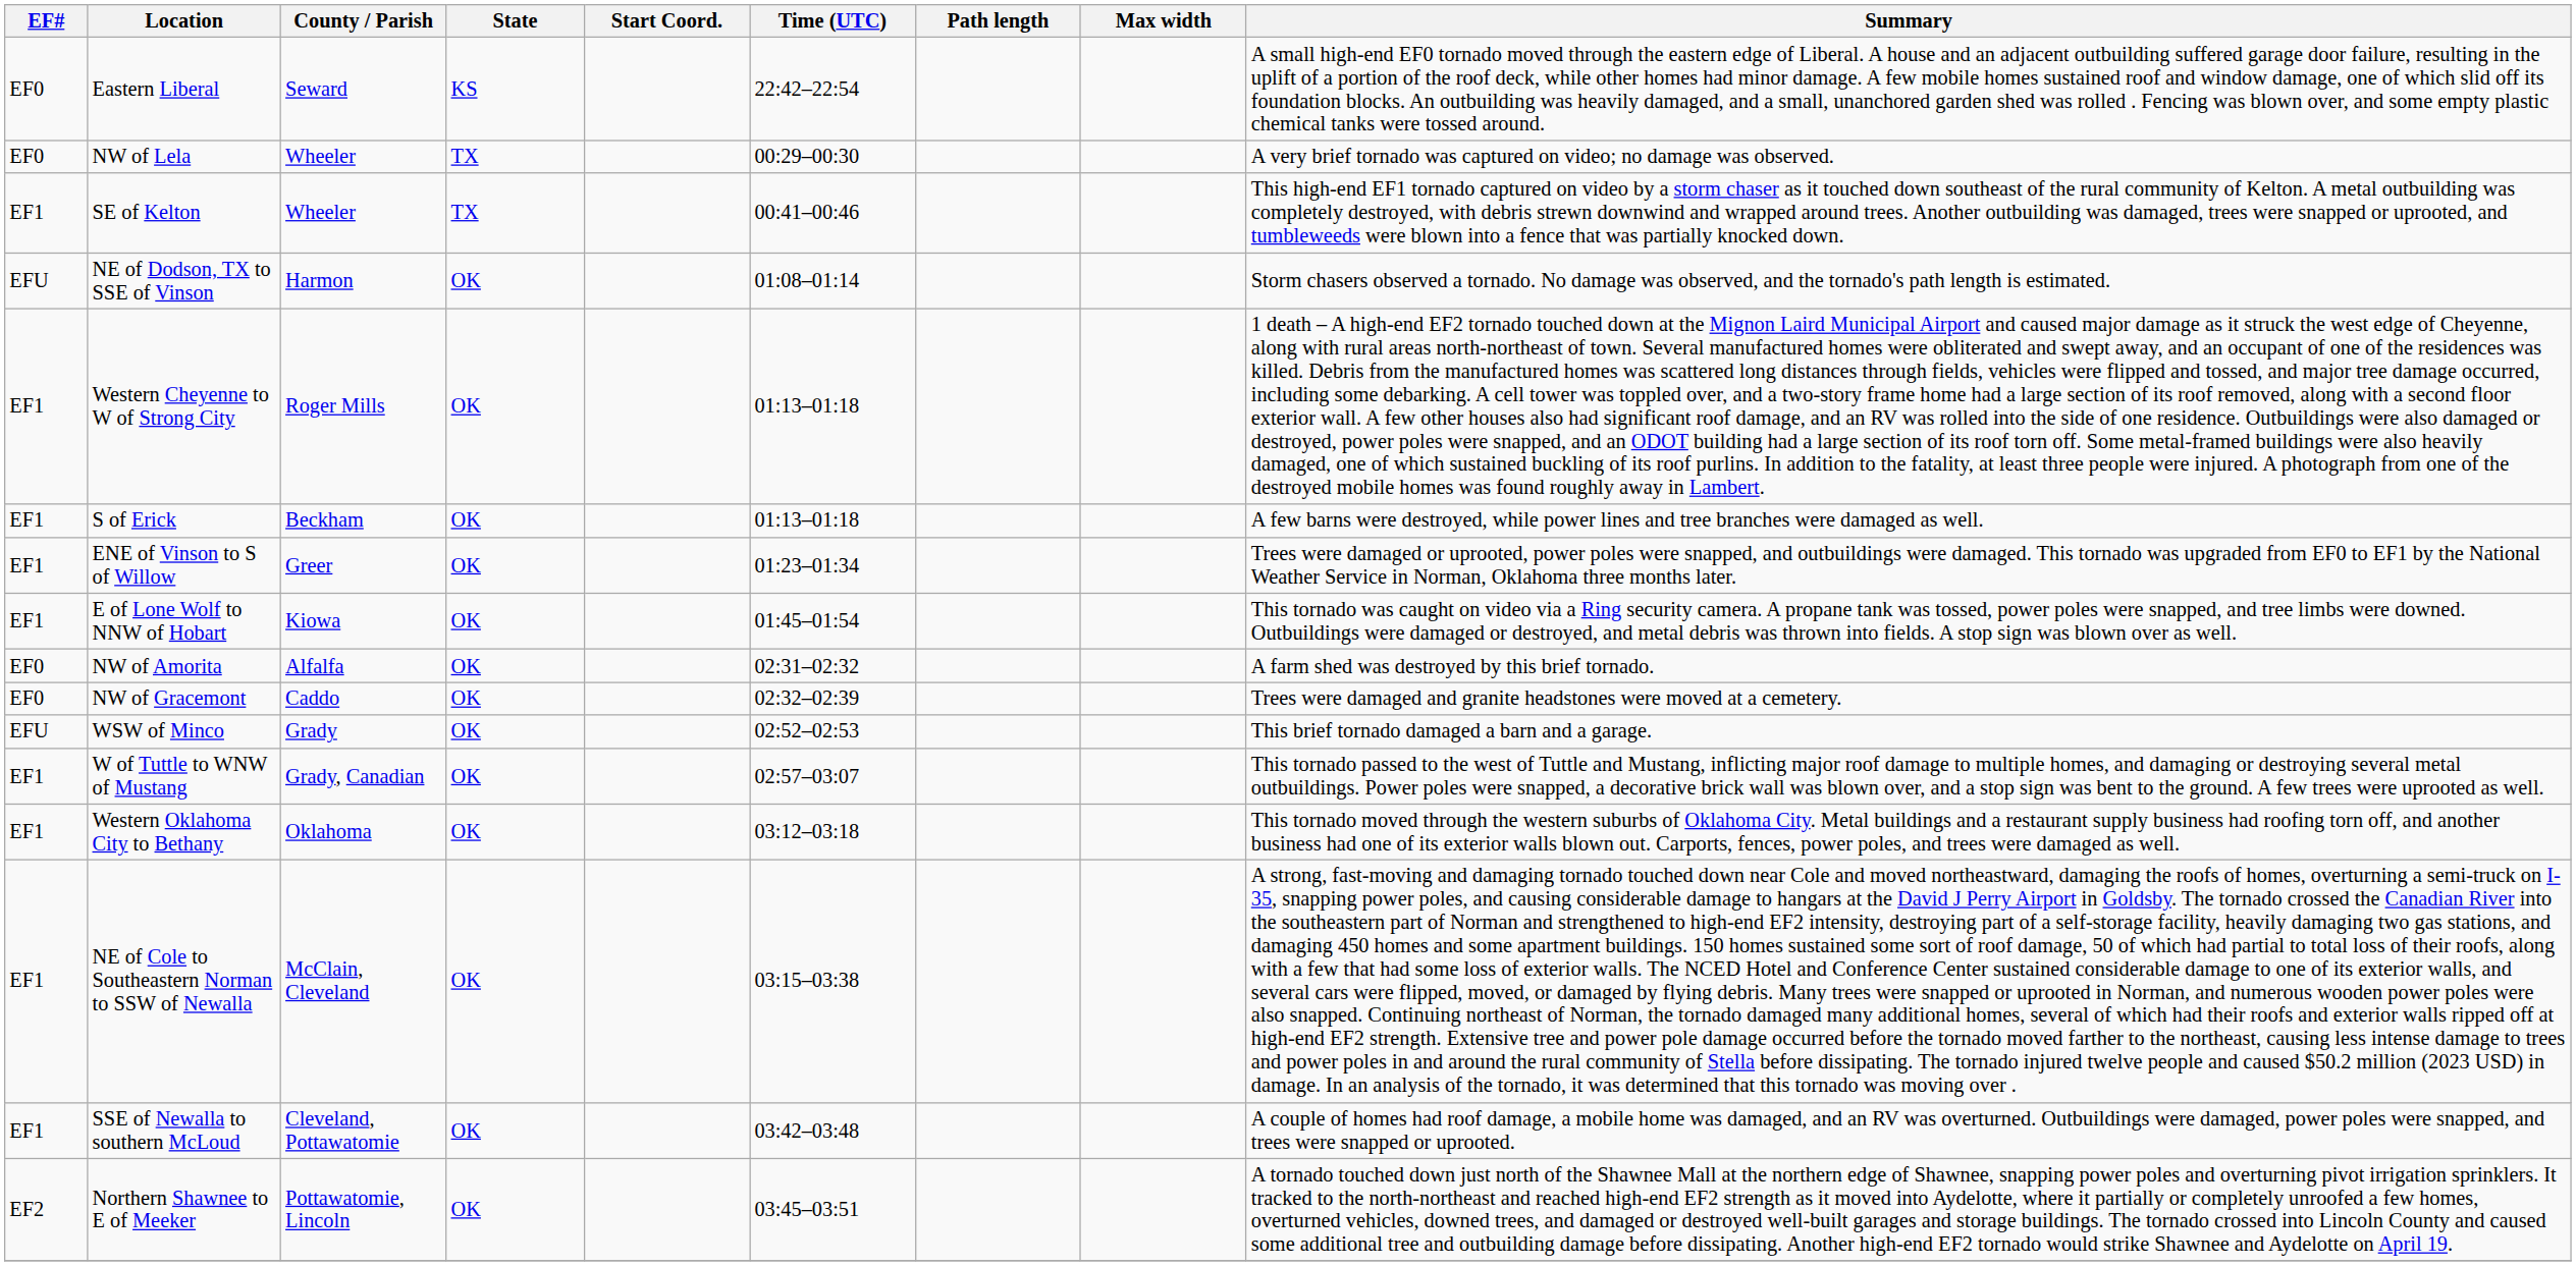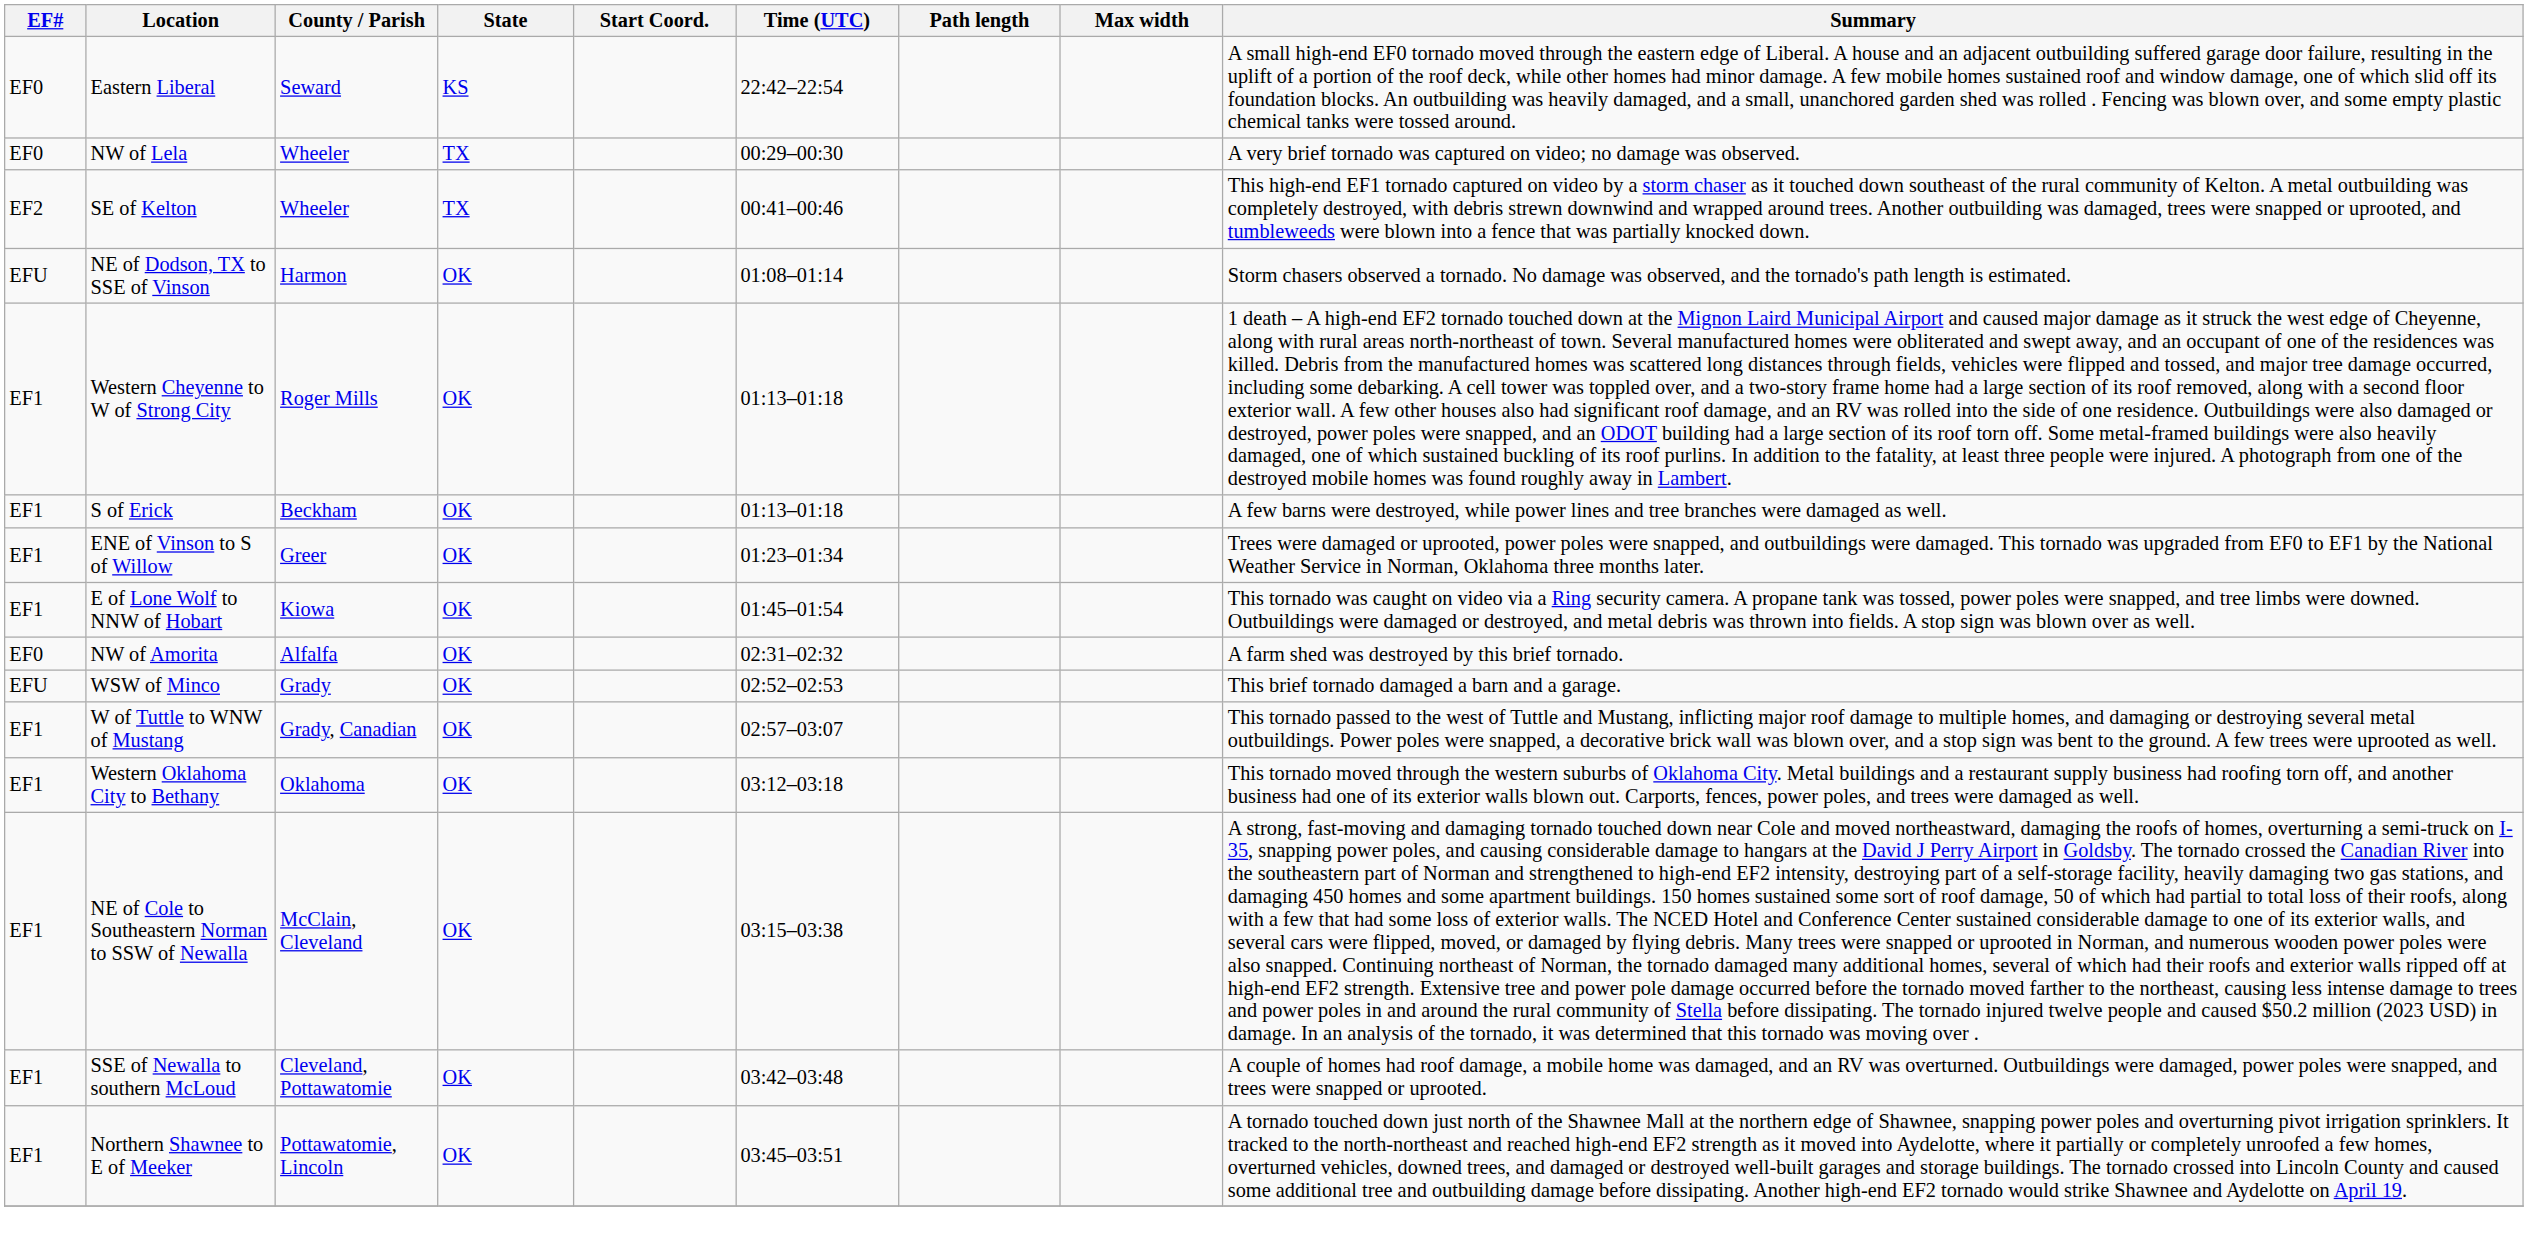 <table class="wikitable sortable" style="width:100%;">
 <tr>
 <th scope="col"  style="width:3%; text-align:center;"><a href='#'>EF#</a></th>
 <th scope="col"  style="width:7%; text-align:center;" class="unsortable">Location</th>
 <th scope="col"  style="width:6%; text-align:center;" class="unsortable">County / Parish</th>
 <th scope="col"  style="width:5%; text-align:center;">State</th>
 <th scope="col"  style="width:6%; text-align:center;">Start Coord.</th>
 <th scope="col"  style="width:6%; text-align:center;">Time (<a href='#'>UTC</a>)</th>
 <th scope="col"  style="width:6%; text-align:center;">Path length</th>
 <th scope="col"  style="width:6%; text-align:center;">Max width</th>
 <th scope="col" class="unsortable" style="width:48%; text-align:center;">Summary</th>
 </tr>
 <tr>
 <td>EF0</td>
 <td>Eastern <a href='#'>Liberal</a></td>
 <td><a href='#'>Seward</a></td>
 <td><a href='#'>KS</a></td>
 <td></td>
 <td>22:42–22:54</td>
 <td></td>
 <td></td>
 <td>A small high-end EF0 tornado moved through the eastern edge of Liberal. A house and an adjacent outbuilding suffered garage door failure, resulting in the uplift of a portion of the roof deck, while other homes had minor damage. A few mobile homes sustained roof and window damage, one of which slid off its foundation blocks. An outbuilding was heavily damaged, and a small, unanchored garden shed was rolled . Fencing was blown over, and some empty plastic chemical tanks were tossed around.</td>
 </tr>
 <tr>
 <td>EF0</td>
 <td>NW of <a href='#'>Lela</a></td>
 <td><a href='#'>Wheeler</a></td>
 <td><a href='#'>TX</a></td>
 <td></td>
 <td>00:29–00:30</td>
 <td></td>
 <td></td>
 <td>A very brief tornado was captured on video; no damage was observed.</td>
 </tr>
 <tr>
-<td>EF1</td>
+<td>EF2</td>
 <td>SE of <a href='#'>Kelton</a></td>
 <td><a href='#'>Wheeler</a></td>
 <td><a href='#'>TX</a></td>
 <td></td>
 <td>00:41–00:46</td>
 <td></td>
 <td></td>
 <td>This high-end EF1 tornado captured on video by a <a href='#'>storm chaser</a> as it touched down southeast of the rural community of Kelton. A metal outbuilding was completely destroyed, with debris strewn downwind and wrapped around trees. Another outbuilding was damaged, trees were snapped or uprooted, and <a href='#'>tumbleweeds</a> were blown into a fence that was partially knocked down.</td>
 </tr>
 <tr>
 <td>EFU</td>
 <td>NE of <a href='#'>Dodson, TX</a> to SSE of <a href='#'>Vinson</a></td>
 <td><a href='#'>Harmon</a></td>
 <td><a href='#'>OK</a></td>
 <td></td>
 <td>01:08–01:14</td>
 <td></td>
 <td></td>
 <td>Storm chasers observed a tornado. No damage was observed, and the tornado's path length is estimated.</td>
 </tr>
 <tr>
 <td>EF1</td>
 <td>Western <a href='#'>Cheyenne</a> to W of <a href='#'>Strong City</a></td>
 <td><a href='#'>Roger Mills</a></td>
 <td><a href='#'>OK</a></td>
 <td></td>
 <td>01:13–01:18</td>
 <td></td>
 <td></td>
 <td>1 death – A high-end EF2 tornado touched down at the <a href='#'>Mignon Laird Municipal Airport</a> and caused major damage as it struck the west edge of Cheyenne, along with rural areas north-northeast of town. Several manufactured homes were obliterated and swept away, and an occupant of one of the residences was killed. Debris from the manufactured homes was scattered long distances through fields, vehicles were flipped and tossed, and major tree damage occurred, including some debarking. A cell tower was toppled over, and a two-story frame home had a large section of its roof removed, along with a second floor exterior wall. A few other houses also had significant roof damage, and an RV was rolled into the side of one residence. Outbuildings were also damaged or destroyed, power poles were snapped, and an <a href='#'>ODOT</a> building had a large section of its roof torn off. Some metal-framed buildings were also heavily damaged, one of which sustained buckling of its roof purlins. In addition to the fatality, at least three people were injured. A photograph from one of the destroyed mobile homes was found roughly  away in <a href='#'>Lambert</a>.</td>
 </tr>
 <tr>
 <td>EF1</td>
 <td>S of <a href='#'>Erick</a></td>
 <td><a href='#'>Beckham</a></td>
 <td><a href='#'>OK</a></td>
 <td></td>
 <td>01:13–01:18</td>
 <td></td>
 <td></td>
 <td>A few barns were destroyed, while power lines and tree branches were damaged as well.</td>
 </tr>
 <tr>
 <td>EF1</td>
 <td>ENE of <a href='#'>Vinson</a> to S of <a href='#'>Willow</a></td>
 <td><a href='#'>Greer</a></td>
 <td><a href='#'>OK</a></td>
 <td></td>
 <td>01:23–01:34</td>
 <td></td>
 <td></td>
 <td>Trees were damaged or uprooted, power poles were snapped, and outbuildings were damaged. This tornado was upgraded from EF0 to EF1 by the National Weather Service in Norman, Oklahoma three months later.</td>
 </tr>
 <tr>
 <td>EF1</td>
 <td>E of <a href='#'>Lone Wolf</a> to NNW of <a href='#'>Hobart</a></td>
 <td><a href='#'>Kiowa</a></td>
 <td><a href='#'>OK</a></td>
 <td></td>
 <td>01:45–01:54</td>
 <td></td>
 <td></td>
 <td>This tornado was caught on video via a <a href='#'>Ring</a> security camera. A propane tank was tossed, power poles were snapped, and tree limbs were downed. Outbuildings were damaged or destroyed, and metal debris was thrown into fields. A stop sign was blown over as well.</td>
 </tr>
 <tr>
 <td>EF0</td>
 <td>NW of <a href='#'>Amorita</a></td>
 <td><a href='#'>Alfalfa</a></td>
 <td><a href='#'>OK</a></td>
 <td></td>
 <td>02:31–02:32</td>
 <td></td>
 <td></td>
 <td>A farm shed was destroyed by this brief tornado.</td>
 </tr>
 <tr>
-<td>EF0</td>
-<td>NW of <a href='#'>Gracemont</a></td>
-<td><a href='#'>Caddo</a></td>
-<td><a href='#'>OK</a></td>
-<td></td>
-<td>02:32–02:39</td>
-<td></td>
-<td></td>
-<td>Trees were damaged and granite headstones were moved at a cemetery.</td>
-</tr>
-<tr>
 <td>EFU</td>
 <td>WSW of <a href='#'>Minco</a></td>
 <td><a href='#'>Grady</a></td>
 <td><a href='#'>OK</a></td>
 <td></td>
 <td>02:52–02:53</td>
 <td></td>
 <td></td>
 <td>This brief tornado damaged a barn and a garage.</td>
 </tr>
 <tr>
 <td>EF1</td>
 <td>W of <a href='#'>Tuttle</a> to WNW of <a href='#'>Mustang</a></td>
 <td><a href='#'>Grady</a>, <a href='#'>Canadian</a></td>
 <td><a href='#'>OK</a></td>
 <td></td>
 <td>02:57–03:07</td>
 <td></td>
 <td></td>
 <td>This tornado passed to the west of Tuttle and Mustang, inflicting major roof damage to multiple homes, and damaging or destroying several metal outbuildings. Power poles were snapped, a decorative brick wall was blown over, and a stop sign was bent to the ground. A few trees were uprooted as well.</td>
 </tr>
 <tr>
 <td>EF1</td>
 <td>Western <a href='#'>Oklahoma City</a> to <a href='#'>Bethany</a></td>
 <td><a href='#'>Oklahoma</a></td>
 <td><a href='#'>OK</a></td>
 <td></td>
 <td>03:12–03:18</td>
 <td></td>
 <td></td>
 <td>This tornado moved through the western suburbs of <a href='#'>Oklahoma City</a>. Metal buildings and a restaurant supply business had roofing torn off, and another business had one of its exterior walls blown out. Carports, fences, power poles, and trees were damaged as well.</td>
 </tr>
 <tr>
 <td>EF1</td>
 <td>NE of <a href='#'>Cole</a> to Southeastern <a href='#'>Norman</a> to SSW of <a href='#'>Newalla</a></td>
 <td><a href='#'>McClain</a>, <a href='#'>Cleveland</a></td>
 <td><a href='#'>OK</a></td>
 <td></td>
 <td>03:15–03:38</td>
 <td></td>
 <td></td>
 <td>A strong, fast-moving and damaging tornado touched down near Cole and moved northeastward, damaging the roofs of homes, overturning a semi-truck on <a href='#'>I-35</a>, snapping power poles, and causing considerable damage to hangars at the <a href='#'>David J Perry Airport</a> in <a href='#'>Goldsby</a>. The tornado crossed the <a href='#'>Canadian River</a> into the southeastern part of Norman and strengthened to high-end EF2 intensity, destroying part of a self-storage facility, heavily damaging two gas stations, and damaging 450 homes and some apartment buildings. 150 homes sustained some sort of roof damage, 50 of which had partial to total loss of their roofs, along with a few that had some loss of exterior walls. The NCED Hotel and Conference Center sustained considerable damage to one of its exterior walls, and several cars were flipped, moved, or damaged by flying debris. Many trees were snapped or uprooted in Norman, and numerous wooden power poles were also snapped. Continuing northeast of Norman, the tornado damaged many additional homes, several of which had their roofs and exterior walls ripped off at high-end EF2 strength. Extensive tree and power pole damage occurred before the tornado moved farther to the northeast, causing less intense damage to trees and power poles in and around the rural community of <a href='#'>Stella</a> before dissipating. The tornado injured twelve people and caused $50.2 million (2023 USD) in damage. In an analysis of the tornado, it was determined that this tornado was moving over .</td>
 </tr>
 <tr>
 <td>EF1</td>
 <td>SSE of <a href='#'>Newalla</a> to southern <a href='#'>McLoud</a></td>
 <td><a href='#'>Cleveland</a>, <a href='#'>Pottawatomie</a></td>
 <td><a href='#'>OK</a></td>
 <td></td>
 <td>03:42–03:48</td>
 <td></td>
 <td></td>
 <td>A couple of homes had roof damage, a mobile home was damaged, and an RV was overturned. Outbuildings were damaged, power poles were snapped, and trees were snapped or uprooted.</td>
 </tr>
 <tr>
-<td>EF2</td>
+<td>EF1</td>
 <td>Northern <a href='#'>Shawnee</a> to E of <a href='#'>Meeker</a></td>
 <td><a href='#'>Pottawatomie</a>, <a href='#'>Lincoln</a></td>
 <td><a href='#'>OK</a></td>
 <td></td>
 <td>03:45–03:51</td>
 <td></td>
 <td></td>
 <td>A tornado touched down just north of the Shawnee Mall at the northern edge of Shawnee, snapping power poles and overturning pivot irrigation sprinklers. It tracked to the north-northeast and reached high-end EF2 strength as it moved into Aydelotte, where it partially or completely unroofed a few homes, overturned vehicles, downed trees, and damaged or destroyed well-built garages and storage buildings. The tornado crossed into Lincoln County and caused some additional tree and outbuilding damage before dissipating. Another high-end EF2 tornado would strike Shawnee and Aydelotte on <a href='#'>April 19</a>.</td>
 </tr>
 <tr>
 </tr>
 </table>
